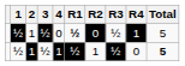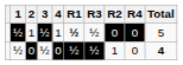 <table class="wikitable" style="text-align:center">
 <tr>
 <th></th>
 <th>1</th>
 <th>2</th>
 <th>3</th>
 <th>4</th>
 <th>R1</th>
+<th>R3</th>
 <th>R2</th>
-<th>R3</th>
 <th>R4</th>
 <th>Total</th>
 </tr>
 <tr>
 <td align=left></td>
 <td style="background:black; color:white">½</td>
 <td>1</td>
 <td style="background:black; color:white">½</td>
-<td>0</td>
+<td>1</td>
 <td><strong>½</strong></td>
+<td>½</td>
 <td style="background:black; color:white">0</td>
-<td>½</td>
-<td style="background:black; color:white">1</td>
+<td style="background:black; color:white">0</td>
 <td>5</td>
 </tr>
 <tr>
 <td align=left></td>
 <td>½</td>
-<td style="background:black; color:white">1</td>
+<td style="background:black; color:white">0</td>
 <td>½</td>
-<td style="background:black; color:white">1</td>
+<td style="background:black; color:white">0</td>
+<td style="background:black; color:white">½</td>
 <td style="background:black; color:white">½</td>
 <td>1</td>
-<td style="background:black; color:white">½</td>
 <td>0</td>
-<td><strong>5</strong></td>
+<td><strong>4</strong></td>
 </tr>
 </table>
